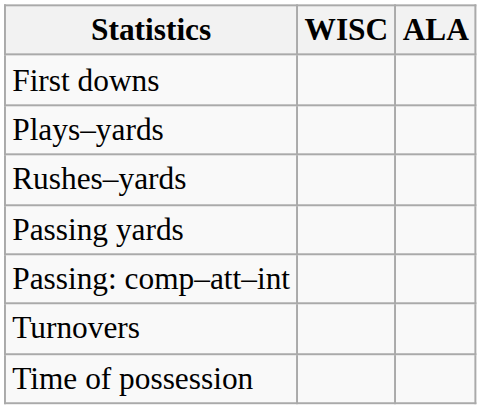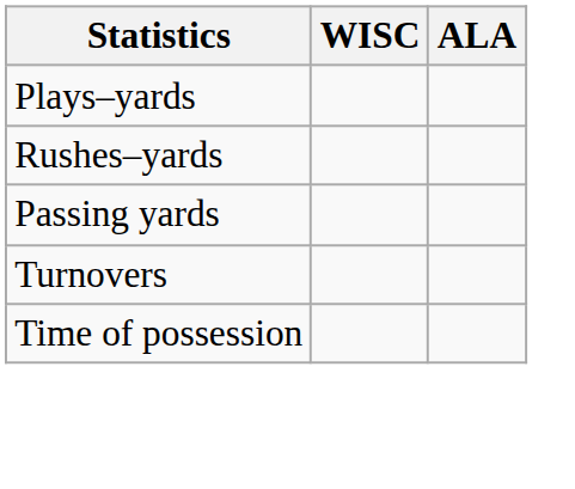 <table class="wikitable" style="float:left">
 <tr>
 <th>Statistics</th>
 <th>WISC</th>
 <th>ALA</th>
-</tr>
-<tr>
-<td>First downs</td>
-<td></td>
-<td></td>
 </tr>
 <tr>
 <td>Plays–yards</td>
 <td></td>
 <td></td>
 </tr>
 <tr>
 <td>Rushes–yards</td>
 <td></td>
 <td></td>
 </tr>
 <tr>
 <td>Passing yards</td>
 <td></td>
 <td></td>
 </tr>
 <tr>
-<td>Passing: comp–att–int</td>
-<td></td>
-<td></td>
-</tr>
-<tr>
 <td>Turnovers</td>
 <td></td>
 <td></td>
 </tr>
 <tr>
 <td>Time of possession</td>
 <td></td>
 <td></td>
 </tr>
 </table>
